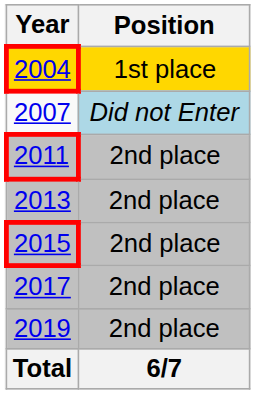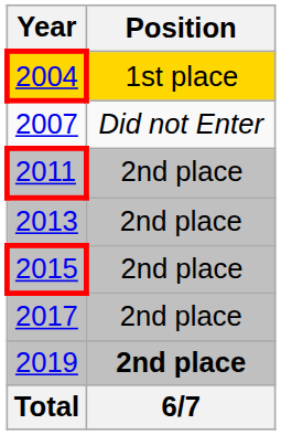 <table class="wikitable" style="text-align: center;">
 <tr>
 <th>Year</th>
 <th width="100">Position</th>
 </tr>
 <tr bgcolor=gold>
 <td align=left style="border: 3px solid red"> <a href='#'>2004</a></td>
 <td>1st place</td>
 </tr>
 <tr>
 <td> <a href='#'>2007</a></td>
-<td style="background: lightblue;"><em>Did not Enter</em></td>
+<td><em>Did not Enter</em></td>
 </tr>
 <tr bgcolor=silver>
 <td align=left style="border: 3px solid red"> <a href='#'>2011</a></td>
 <td>2nd place</td>
 </tr>
 <tr bgcolor=silver>
 <td> <a href='#'>2013</a></td>
 <td>2nd place</td>
 </tr>
 <tr bgcolor=silver>
 <td align=left style="border: 3px solid red"> <a href='#'>2015</a></td>
 <td>2nd place</td>
 </tr>
 <tr bgcolor=silver>
 <td> <a href='#'>2017</a></td>
 <td>2nd place</td>
 </tr>
 <tr bgcolor=silver>
 <td> <a href='#'>2019</a></td>
-<td>2nd place</td>
+<td><strong>2nd place</strong></td>
 </tr>
 <tr>
 <th>Total</th>
 <th>6/7</th>
 </tr>
 </table>
